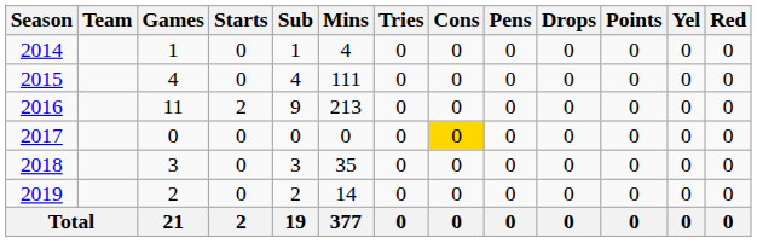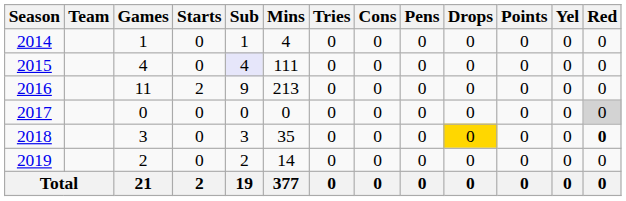 <table class="wikitable" style="text-align:center; line-height:90%; font-size:95%; width:60%;">
 <tr>
 <th>Season</th>
 <th>Team</th>
 <th>Games</th>
 <th>Starts</th>
 <th>Sub</th>
 <th>Mins</th>
 <th>Tries</th>
 <th>Cons</th>
 <th>Pens</th>
 <th>Drops</th>
 <th>Points</th>
 <th>Yel</th>
 <th>Red</th>
 </tr>
 <tr>
 <td><a href='#'>2014</a></td>
 <td></td>
 <td>1</td>
 <td>0</td>
 <td>1</td>
 <td>4</td>
 <td>0</td>
 <td>0</td>
 <td>0</td>
 <td>0</td>
 <td>0</td>
 <td>0</td>
 <td>0</td>
 </tr>
 <tr>
 <td><a href='#'>2015</a></td>
 <td></td>
 <td>4</td>
 <td>0</td>
-<td>4</td>
+<td style="background: lavender;">4</td>
 <td>111</td>
 <td>0</td>
 <td>0</td>
 <td>0</td>
 <td>0</td>
 <td>0</td>
 <td>0</td>
 <td>0</td>
 </tr>
 <tr>
 <td><a href='#'>2016</a></td>
 <td></td>
 <td>11</td>
 <td>2</td>
 <td>9</td>
 <td>213</td>
 <td>0</td>
 <td>0</td>
 <td>0</td>
 <td>0</td>
 <td>0</td>
 <td>0</td>
 <td>0</td>
 </tr>
 <tr>
 <td><a href='#'>2017</a></td>
 <td></td>
 <td>0</td>
 <td>0</td>
 <td>0</td>
 <td>0</td>
 <td>0</td>
-<td style="background: gold;">0</td>
 <td>0</td>
 <td>0</td>
 <td>0</td>
 <td>0</td>
 <td>0</td>
+<td style="background: lightgrey;">0</td>
 </tr>
 <tr>
 <td><a href='#'>2018</a></td>
 <td></td>
 <td>3</td>
 <td>0</td>
 <td>3</td>
 <td>35</td>
 <td>0</td>
 <td>0</td>
 <td>0</td>
+<td style="background: gold;">0</td>
 <td>0</td>
 <td>0</td>
-<td>0</td>
-<td>0</td>
+<td><strong>0</strong></td>
 </tr>
 <tr>
 <td><a href='#'>2019</a></td>
 <td></td>
 <td>2</td>
 <td>0</td>
 <td>2</td>
 <td>14</td>
 <td>0</td>
 <td>0</td>
 <td>0</td>
 <td>0</td>
 <td>0</td>
 <td>0</td>
 <td>0</td>
 </tr>
 <tr>
 <th colspan="2">Total</th>
 <th>21</th>
 <th>2</th>
 <th>19</th>
 <th>377</th>
 <th>0</th>
 <th>0</th>
 <th>0</th>
 <th>0</th>
 <th>0</th>
 <th>0</th>
 <th>0</th>
 </tr>
 </table>
